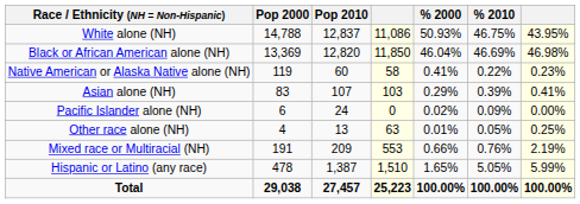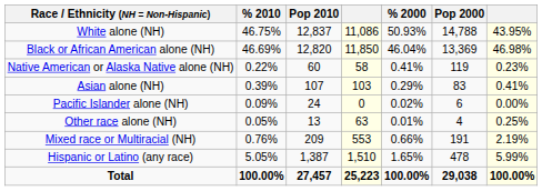 <table class="wikitable" style="text-align:center;">
 <tr>
 <th>Race / Ethnicity <small>(<em>NH = Non-Hispanic</em>)</small></th>
-<th>Pop 2000</th>
+<th>% 2010</th>
 <th>Pop 2010</th>
 <th></th>
 <th>% 2000</th>
-<th>% 2010</th>
+<th>Pop 2000</th>
 <th></th>
 </tr>
 <tr>
 <td><a href='#'>White</a> alone (NH)</td>
-<td>14,788</td>
+<td>46.75%</td>
 <td>12,837</td>
 <td style='background: #ffffe6;'>11,086</td>
 <td>50.93%</td>
-<td>46.75%</td>
+<td>14,788</td>
 <td style='background: #ffffe6;'>43.95%</td>
 </tr>
 <tr>
 <td><a href='#'>Black or African American</a> alone (NH)</td>
-<td>13,369</td>
+<td>46.69%</td>
 <td>12,820</td>
 <td style='background: #ffffe6;'>11,850</td>
 <td>46.04%</td>
-<td>46.69%</td>
+<td>13,369</td>
 <td style='background: #ffffe6;'>46.98%</td>
 </tr>
 <tr>
 <td><a href='#'>Native American</a> or <a href='#'>Alaska Native</a> alone (NH)</td>
-<td>119</td>
+<td>0.22%</td>
 <td>60</td>
 <td style='background: #ffffe6;'>58</td>
 <td>0.41%</td>
-<td>0.22%</td>
+<td>119</td>
 <td style='background: #ffffe6;'>0.23%</td>
 </tr>
 <tr>
 <td><a href='#'>Asian</a> alone (NH)</td>
-<td>83</td>
+<td>0.39%</td>
 <td>107</td>
 <td style='background: #ffffe6;'>103</td>
 <td>0.29%</td>
-<td>0.39%</td>
+<td>83</td>
 <td style='background: #ffffe6;'>0.41%</td>
 </tr>
 <tr>
 <td><a href='#'>Pacific Islander</a> alone (NH)</td>
-<td>6</td>
+<td>0.09%</td>
 <td>24</td>
 <td style='background: #ffffe6;'>0</td>
 <td>0.02%</td>
-<td>0.09%</td>
+<td>6</td>
 <td style='background: #ffffe6;'>0.00%</td>
 </tr>
 <tr>
 <td><a href='#'>Other race</a> alone (NH)</td>
-<td>4</td>
+<td>0.05%</td>
 <td>13</td>
 <td style='background: #ffffe6;'>63</td>
 <td>0.01%</td>
-<td>0.05%</td>
+<td>4</td>
 <td style='background: #ffffe6;'>0.25%</td>
 </tr>
 <tr>
 <td><a href='#'>Mixed race or Multiracial</a> (NH)</td>
-<td>191</td>
+<td>0.76%</td>
 <td>209</td>
 <td style='background: #ffffe6;'>553</td>
 <td>0.66%</td>
-<td>0.76%</td>
+<td>191</td>
 <td style='background: #ffffe6;'>2.19%</td>
 </tr>
 <tr>
 <td><a href='#'>Hispanic or Latino</a> (any race)</td>
-<td>478</td>
+<td>5.05%</td>
 <td>1,387</td>
 <td style='background: #ffffe6;'>1,510</td>
 <td>1.65%</td>
-<td>5.05%</td>
+<td>478</td>
 <td style='background: #ffffe6;'>5.99%</td>
 </tr>
 <tr>
 <td><strong>Total</strong></td>
-<td><strong>29,038</strong></td>
+<td><strong>100.00%</strong></td>
 <td><strong>27,457</strong></td>
 <td style='background: #ffffe6;'><strong>25,223</strong></td>
 <td><strong>100.00%</strong></td>
-<td><strong>100.00%</strong></td>
+<td><strong>29,038</strong></td>
 <td style='background: #ffffe6;'><strong>100.00%</strong></td>
 </tr>
 </table>
